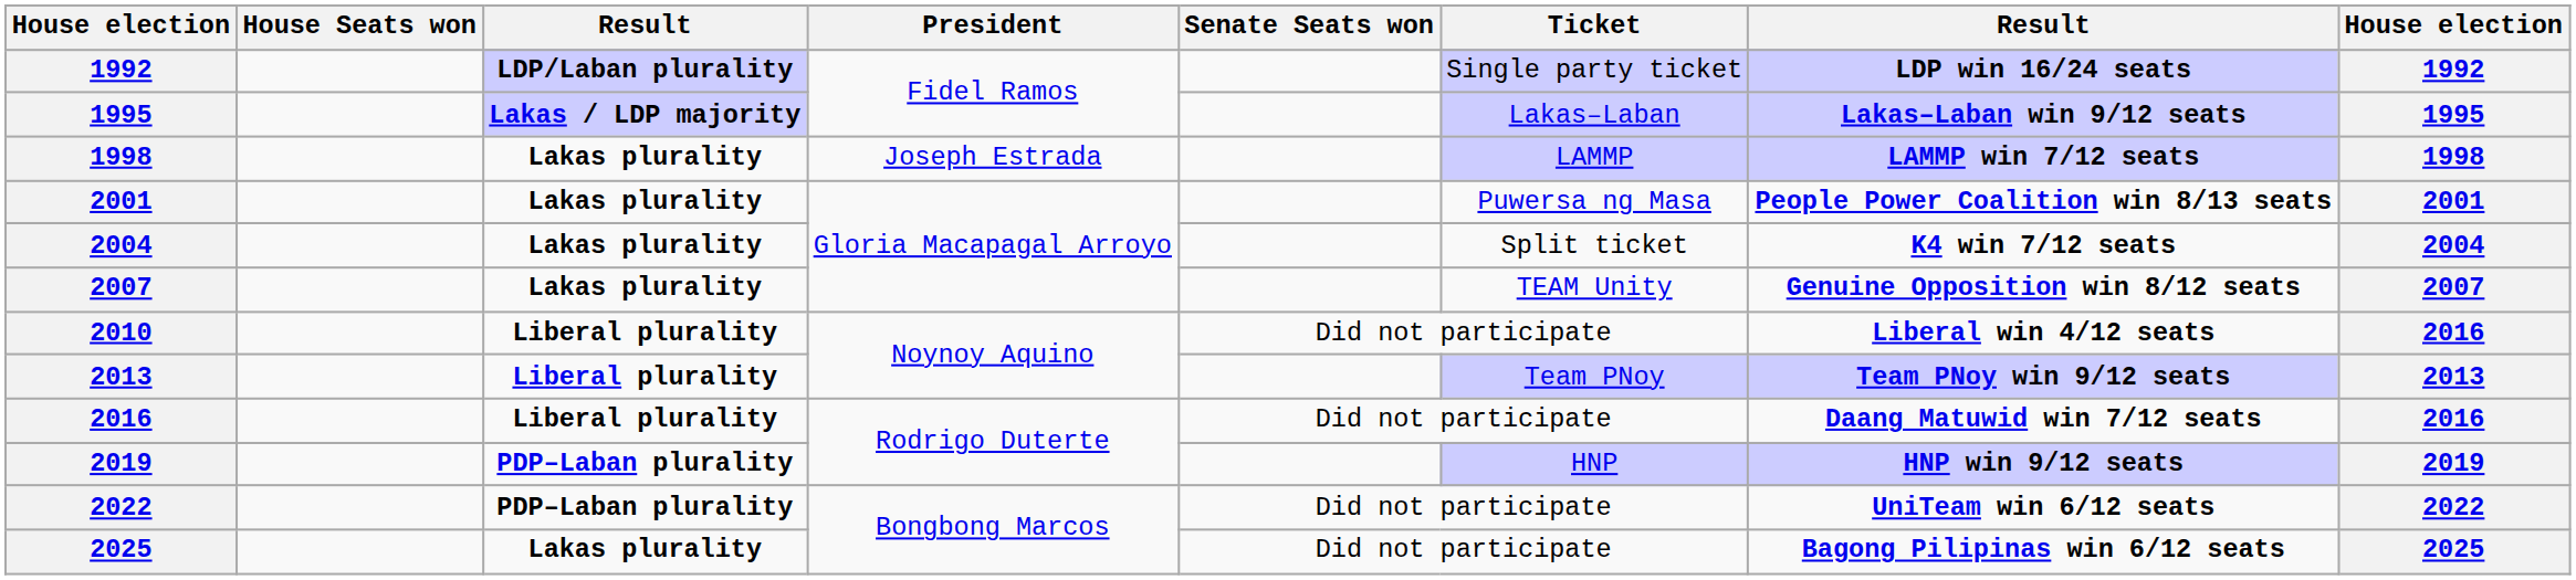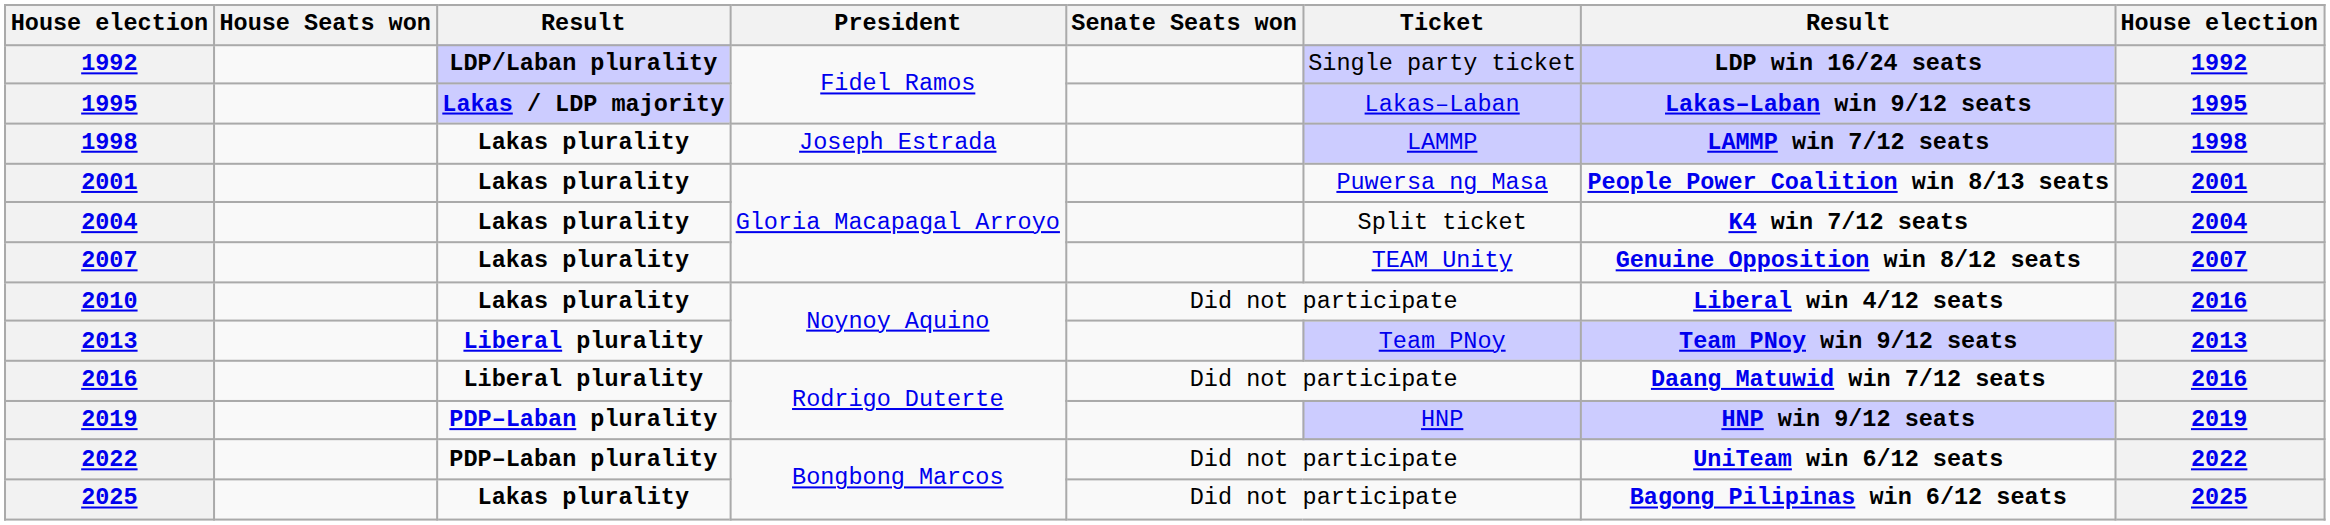 <table class="wikitable" style="text-align:center; font-size:90%">
 <tr>
 <th>House election</th>
 <th>House Seats won</th>
 <th>Result</th>
 <th>President</th>
 <th>Senate Seats won</th>
 <th>Ticket</th>
 <th>Result</th>
 <th>House election</th>
 </tr>
 <tr>
 <th><a href='#'>1992</a></th>
 <td></td>
 <td style="background:#CCCCFF;"><strong>LDP/Laban plurality</strong></td>
 <td rowspan="2" style="background:"><a href='#'>Fidel Ramos</a></td>
 <td></td>
 <td style="background:#CCCCFF;">Single party ticket</td>
 <td style="background:#CCCCFF;"><strong>LDP win 16/24 seats</strong></td>
 <th><a href='#'>1992</a></th>
 </tr>
 <tr>
 <th><a href='#'>1995</a></th>
 <td></td>
 <td style="background:#CCCCFF;"><strong><a href='#'>Lakas</a> / LDP majority</strong></td>
 <td></td>
 <td style="background:#CCCCFF;"><a href='#'>Lakas–Laban</a></td>
 <td style="background:#CCCCFF;"><strong><a href='#'>Lakas–Laban</a> win 9/12 seats</strong></td>
 <th><a href='#'>1995</a></th>
 </tr>
 <tr>
 <th><a href='#'>1998</a></th>
 <td></td>
 <td><strong>Lakas plurality</strong></td>
 <td style="background:"><a href='#'>Joseph Estrada</a></td>
 <td></td>
 <td style="background:#CCCCFF;"><a href='#'>LAMMP</a></td>
 <td style="background:#CCCCFF;"><strong><a href='#'>LAMMP</a> win 7/12 seats</strong></td>
 <th><a href='#'>1998</a></th>
 </tr>
 <tr>
 <th><a href='#'>2001</a></th>
 <td></td>
 <td><strong>Lakas plurality</strong></td>
 <td rowspan="3" style="background:"><a href='#'>Gloria Macapagal Arroyo</a></td>
 <td></td>
 <td><a href='#'>Puwersa ng Masa</a></td>
 <td><strong><a href='#'>People Power Coalition</a> win 8/13 seats</strong></td>
 <th><a href='#'>2001</a></th>
 </tr>
 <tr>
 <th><a href='#'>2004</a></th>
 <td></td>
 <td><strong>Lakas plurality</strong></td>
 <td></td>
 <td>Split ticket</td>
 <td><strong><a href='#'>K4</a> win 7/12 seats</strong></td>
 <th><a href='#'>2004</a></th>
 </tr>
 <tr>
 <th><a href='#'>2007</a></th>
 <td></td>
 <td><strong>Lakas plurality</strong></td>
 <td></td>
 <td><a href='#'>TEAM Unity</a></td>
 <td><strong><a href='#'>Genuine Opposition</a> win 8/12 seats</strong></td>
 <th><a href='#'>2007</a></th>
 </tr>
 <tr>
 <th><a href='#'>2010</a></th>
 <td></td>
-<td><strong>Liberal plurality</strong></td>
+<td><strong>Lakas plurality</strong></td>
 <td rowspan="2" style="background-color:"><a href='#'>Noynoy Aquino</a></td>
 <td colspan="2">Did not participate</td>
 <td><strong><a href='#'>Liberal</a> win 4/12 seats</strong></td>
 <th><a href='#'>2016</a></th>
 </tr>
 <tr>
 <th><a href='#'>2013</a></th>
 <td></td>
 <td><strong><a href='#'>Liberal</a> plurality</strong></td>
 <td></td>
 <td style="background:#CCCCFF;"><a href='#'>Team PNoy</a></td>
 <td style="background:#CCCCFF;"><strong><a href='#'>Team PNoy</a> win 9/12 seats</strong></td>
 <th><a href='#'>2013</a></th>
 </tr>
 <tr>
 <th><a href='#'>2016</a></th>
 <td></td>
 <td><strong>Liberal plurality</strong></td>
 <td rowspan="2" style="background-color:"><a href='#'>Rodrigo Duterte</a></td>
 <td colspan="2">Did not participate</td>
 <td><strong><a href='#'>Daang Matuwid</a> win 7/12 seats</strong></td>
 <th><a href='#'>2016</a></th>
 </tr>
 <tr>
 <th><a href='#'>2019</a></th>
 <td></td>
 <td><strong><a href='#'>PDP–Laban</a> plurality</strong></td>
 <td></td>
 <td style="background:#CCCCFF;"><a href='#'>HNP</a></td>
 <td style="background:#CCCCFF;"><strong><a href='#'>HNP</a> win 9/12 seats</strong></td>
 <th><a href='#'>2019</a></th>
 </tr>
 <tr>
 <th><a href='#'>2022</a></th>
 <td></td>
 <td><strong>PDP–Laban plurality</strong></td>
 <td rowspan="2" style="background-color:"><a href='#'><span>Bongbong Marcos</span></a></td>
 <td colspan="2">Did not participate</td>
 <td><strong><a href='#'>UniTeam</a> win 6/12 seats</strong></td>
 <th><a href='#'>2022</a></th>
 </tr>
 <tr>
 <th><a href='#'>2025</a></th>
 <td></td>
 <td><strong>Lakas plurality</strong></td>
 <td colspan="2">Did not participate</td>
 <td><strong><a href='#'>Bagong Pilipinas</a> win 6/12 seats</strong></td>
 <th><a href='#'>2025</a></th>
 </tr>
 </table>
